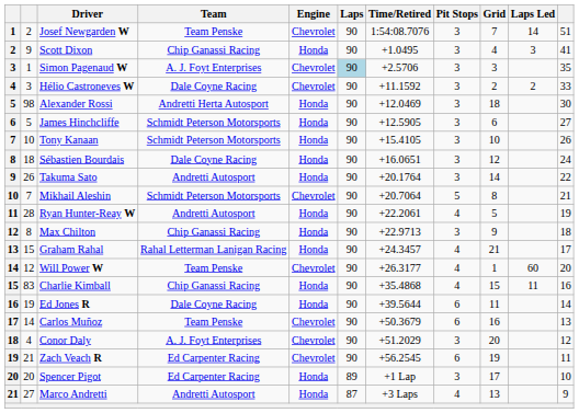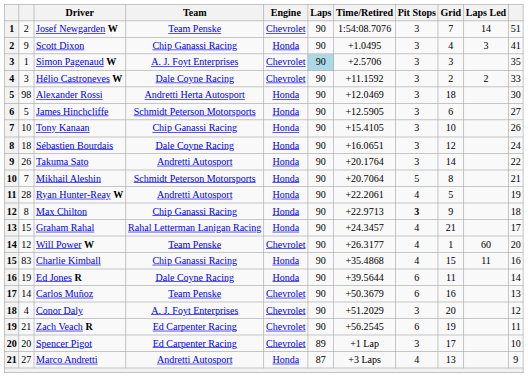 <table class="wikitable" style="text-align:center; font-size: 95%;">
 <tr>
 <th></th>
 <th></th>
 <th>Driver</th>
 <th>Team</th>
 <th>Engine</th>
 <th>Laps</th>
 <th>Time/Retired</th>
 <th>Pit Stops</th>
 <th>Grid</th>
 <th>Laps Led</th>
 <th></th>
 </tr>
 <tr>
 <th>1</th>
 <td>2</td>
 <td align="left"> <a href='#'>Josef Newgarden</a> <strong><span>W</span></strong></td>
 <td><a href='#'>Team Penske</a></td>
 <td><a href='#'>Chevrolet</a></td>
 <td>90</td>
 <td>1:54:08.7076</td>
 <td>3</td>
 <td>7</td>
 <td>14</td>
 <td>51</td>
 </tr>
 <tr>
 <th>2</th>
 <td>9</td>
 <td align="left"> <a href='#'>Scott Dixon</a></td>
 <td><a href='#'>Chip Ganassi Racing</a></td>
 <td><a href='#'>Honda</a></td>
 <td>90</td>
 <td>+1.0495</td>
 <td>3</td>
 <td>4</td>
 <td>3</td>
 <td>41</td>
 </tr>
 <tr>
 <th>3</th>
 <td>1</td>
 <td align="left"> <a href='#'>Simon Pagenaud</a> <strong><span>W</span></strong></td>
 <td><a href='#'>A. J. Foyt Enterprises</a></td>
 <td><a href='#'>Chevrolet</a></td>
 <td style="background: lightblue;">90</td>
 <td>+2.5706</td>
 <td>3</td>
 <td>3</td>
 <td></td>
 <td>35</td>
 </tr>
 <tr>
 <th>4</th>
 <td>3</td>
 <td align="left"> <a href='#'>Hélio Castroneves</a> <strong><span>W</span></strong></td>
 <td><a href='#'>Dale Coyne Racing</a></td>
 <td><a href='#'>Chevrolet</a></td>
 <td>90</td>
 <td>+11.1592</td>
 <td>3</td>
 <td>2</td>
 <td>2</td>
 <td>33</td>
 </tr>
 <tr>
 <th>5</th>
 <td>98</td>
 <td align="left"> <a href='#'>Alexander Rossi</a></td>
 <td><a href='#'>Andretti Herta Autosport</a></td>
 <td><a href='#'>Honda</a></td>
 <td>90</td>
 <td>+12.0469</td>
 <td>3</td>
 <td>18</td>
 <td></td>
 <td>30</td>
 </tr>
 <tr>
 <th>6</th>
 <td>5</td>
 <td align="left"> <a href='#'>James Hinchcliffe</a></td>
 <td><a href='#'>Schmidt Peterson Motorsports</a></td>
 <td><a href='#'>Honda</a></td>
 <td>90</td>
 <td>+12.5905</td>
 <td>3</td>
 <td>6</td>
 <td></td>
 <td>27</td>
 </tr>
 <tr>
 <th>7</th>
 <td>10</td>
 <td align="left"> <a href='#'>Tony Kanaan</a></td>
-<td><a href='#'>Schmidt Peterson Motorsports</a></td>
+<td><a href='#'>Chip Ganassi Racing</a></td>
 <td><a href='#'>Honda</a></td>
 <td>90</td>
 <td>+15.4105</td>
 <td>3</td>
 <td>10</td>
 <td></td>
 <td>26</td>
 </tr>
 <tr>
 <th>8</th>
 <td>18</td>
 <td align="left"> <a href='#'>Sébastien Bourdais</a></td>
 <td><a href='#'>Dale Coyne Racing</a></td>
 <td><a href='#'>Honda</a></td>
 <td>90</td>
 <td>+16.0651</td>
 <td>3</td>
 <td>12</td>
 <td></td>
 <td>24</td>
 </tr>
 <tr>
 <th>9</th>
 <td>26</td>
 <td align="left"> <a href='#'>Takuma Sato</a></td>
 <td><a href='#'>Andretti Autosport</a></td>
 <td><a href='#'>Honda</a></td>
 <td>90</td>
 <td>+20.1764</td>
 <td>3</td>
 <td>14</td>
 <td></td>
 <td>22</td>
 </tr>
 <tr>
 <th>10</th>
 <td>7</td>
 <td align="left"> <a href='#'>Mikhail Aleshin</a></td>
 <td><a href='#'>Schmidt Peterson Motorsports</a></td>
-<td><a href='#'>Chevrolet</a></td>
+<td><a href='#'>Honda</a></td>
 <td>90</td>
 <td>+20.7064</td>
 <td>5</td>
 <td>8</td>
 <td></td>
 <td>21</td>
 </tr>
 <tr>
 <th>11</th>
 <td>28</td>
 <td align="left"> <a href='#'>Ryan Hunter-Reay</a> <strong><span>W</span></strong></td>
 <td><a href='#'>Andretti Autosport</a></td>
 <td><a href='#'>Honda</a></td>
 <td>90</td>
 <td>+22.2061</td>
 <td>4</td>
 <td>5</td>
 <td></td>
 <td>19</td>
 </tr>
 <tr>
 <th>12</th>
 <td>8</td>
 <td align="left"> <a href='#'>Max Chilton</a></td>
 <td><a href='#'>Chip Ganassi Racing</a></td>
 <td><a href='#'>Honda</a></td>
 <td>90</td>
 <td>+22.9713</td>
-<td>3</td>
+<td><strong>3</strong></td>
 <td>9</td>
 <td></td>
 <td>18</td>
 </tr>
 <tr>
 <th>13</th>
 <td>15</td>
 <td align="left"> <a href='#'>Graham Rahal</a></td>
 <td><a href='#'>Rahal Letterman Lanigan Racing</a></td>
 <td><a href='#'>Honda</a></td>
 <td>90</td>
 <td>+24.3457</td>
 <td>4</td>
 <td>21</td>
 <td></td>
 <td>17</td>
 </tr>
 <tr>
 <th>14</th>
 <td>12</td>
 <td align="left"> <a href='#'>Will Power</a> <strong><span>W</span></strong></td>
 <td><a href='#'>Team Penske</a></td>
 <td><a href='#'>Chevrolet</a></td>
 <td>90</td>
 <td>+26.3177</td>
 <td>4</td>
 <td>1</td>
 <td>60</td>
 <td>20</td>
 </tr>
 <tr>
 <th>15</th>
 <td>83</td>
 <td align="left"> <a href='#'>Charlie Kimball</a></td>
 <td><a href='#'>Chip Ganassi Racing</a></td>
 <td><a href='#'>Honda</a></td>
 <td>90</td>
 <td>+35.4868</td>
 <td>4</td>
 <td>15</td>
 <td>11</td>
 <td>16</td>
 </tr>
 <tr>
 <th>16</th>
 <td>19</td>
 <td align="left"> <a href='#'>Ed Jones</a> <strong><span>R</span></strong></td>
 <td><a href='#'>Dale Coyne Racing</a></td>
 <td><a href='#'>Honda</a></td>
 <td>90</td>
 <td>+39.5644</td>
 <td>6</td>
 <td>11</td>
 <td></td>
 <td>14</td>
 </tr>
 <tr>
 <th>17</th>
 <td>14</td>
 <td align="left"> <a href='#'>Carlos Muñoz</a></td>
 <td><a href='#'>Team Penske</a></td>
 <td><a href='#'>Chevrolet</a></td>
 <td>90</td>
 <td>+50.3679</td>
 <td>6</td>
 <td>16</td>
 <td></td>
 <td>13</td>
 </tr>
 <tr>
 <th>18</th>
 <td>4</td>
 <td align="left"> <a href='#'>Conor Daly</a></td>
 <td><a href='#'>A. J. Foyt Enterprises</a></td>
 <td><a href='#'>Chevrolet</a></td>
 <td>90</td>
 <td>+51.2029</td>
 <td>3</td>
 <td>20</td>
 <td></td>
 <td>12</td>
 </tr>
 <tr>
 <th>19</th>
 <td>21</td>
 <td align="left"> <a href='#'>Zach Veach</a> <strong><span>R</span></strong></td>
 <td><a href='#'>Ed Carpenter Racing</a></td>
 <td><a href='#'>Chevrolet</a></td>
 <td>90</td>
 <td>+56.2545</td>
 <td>6</td>
 <td>19</td>
 <td></td>
 <td>11</td>
 </tr>
 <tr>
 <th>20</th>
 <td>20</td>
 <td align="left"> <a href='#'>Spencer Pigot</a></td>
 <td><a href='#'>Ed Carpenter Racing</a></td>
-<td><a href='#'>Honda</a></td>
+<td><a href='#'>Chevrolet</a></td>
 <td>89</td>
 <td>+1 Lap</td>
 <td>3</td>
 <td>17</td>
 <td></td>
 <td>10</td>
 </tr>
 <tr>
 <th>21</th>
 <td>27</td>
 <td align="left"> <a href='#'>Marco Andretti</a></td>
 <td><a href='#'>Andretti Autosport</a></td>
 <td><a href='#'>Honda</a></td>
 <td>87</td>
 <td>+3 Laps</td>
 <td>4</td>
 <td>13</td>
 <td></td>
 <td>9</td>
 </tr>
 <tr>
 <th colspan=11></th>
 </tr>
 </table>
